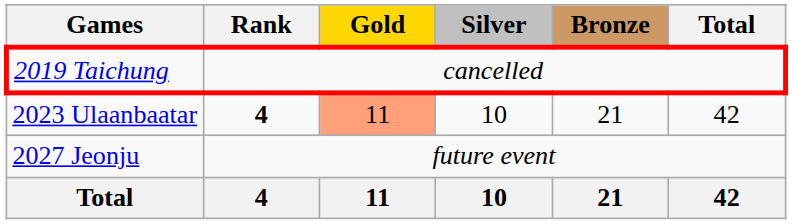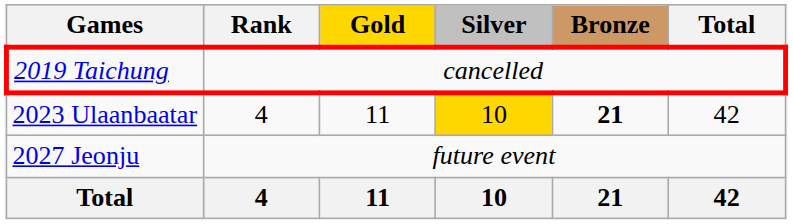 <table class="wikitable sortable" style="margin-top:0em; text-align:center; font-size:100%;">
 <tr>
 <th>Games</th>
 <th style="width:4em;">Rank</th>
 <th style="background:gold; width:4em;"><strong>Gold</strong></th>
 <th style="background:silver; width:4em;"><strong>Silver</strong></th>
 <th style="background:#cc9966; width:4em;"><strong>Bronze</strong></th>
 <th style="width:4em;">Total</th>
 </tr>
 <tr style="border: 3px solid red">
 <td align=left> <em><a href='#'>2019 Taichung</a></em></td>
 <td colspan=5><em>cancelled</em></td>
 </tr>
 <tr>
 <td> <a href='#'>2023 Ulaanbaatar</a></td>
-<td><strong>4</strong></td>
-<td style="background: lightsalmon;">11</td>
-<td>10</td>
-<td>21</td>
+<td>4</td>
+<td>11</td>
+<td style="background: gold;">10</td>
+<td><strong>21</strong></td>
 <td>42</td>
 </tr>
 <tr>
 <td align=left> <a href='#'>2027 Jeonju</a></td>
 <td colspan=5><em>future event</em></td>
 </tr>
 <tr>
 <th>Total</th>
 <th>4</th>
 <th>11</th>
 <th>10</th>
 <th>21</th>
 <th>42</th>
 </tr>
 </table>
